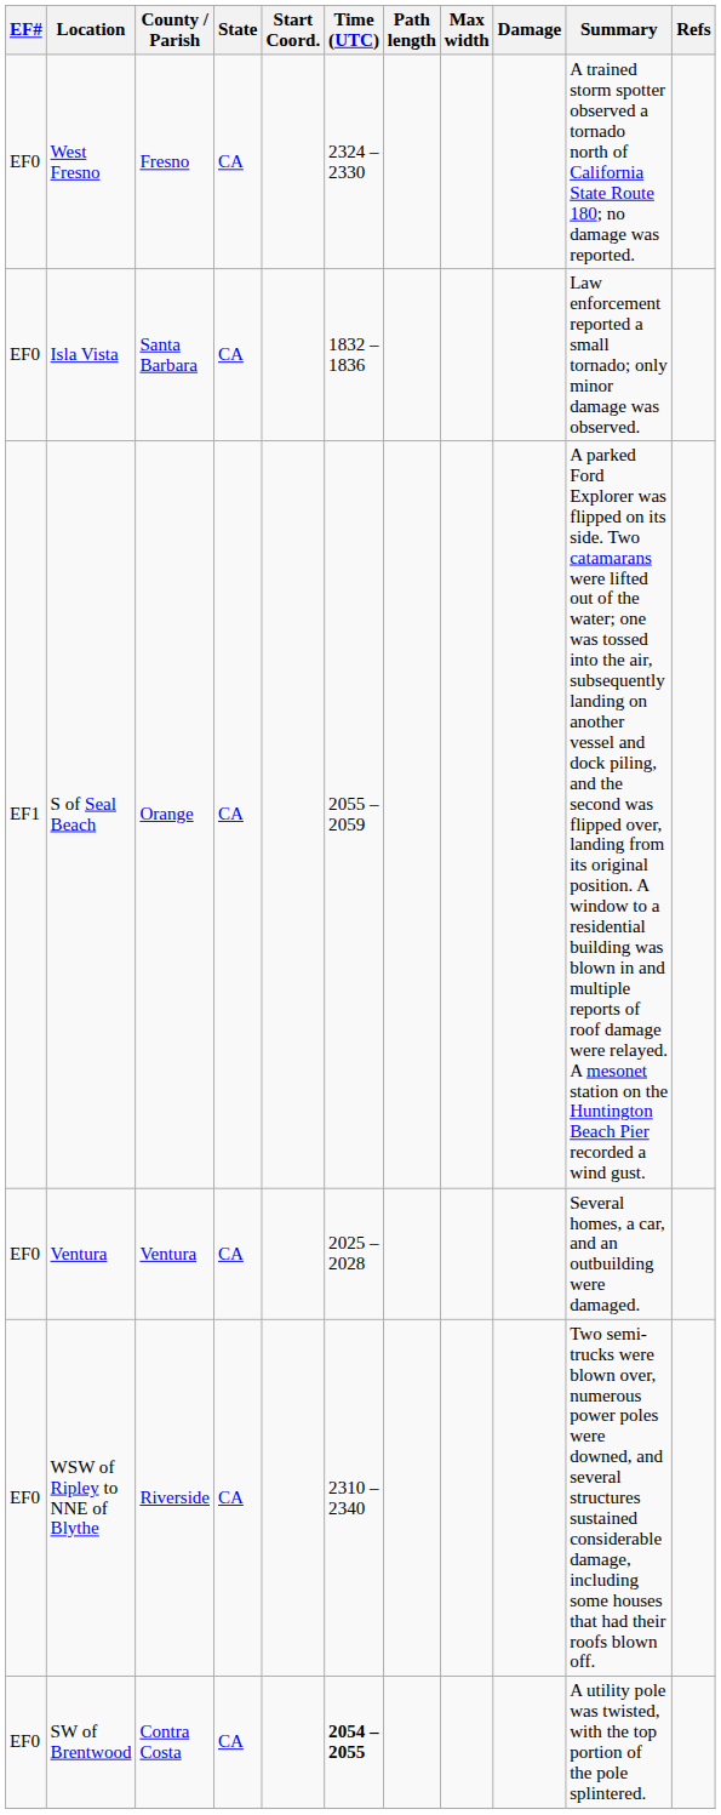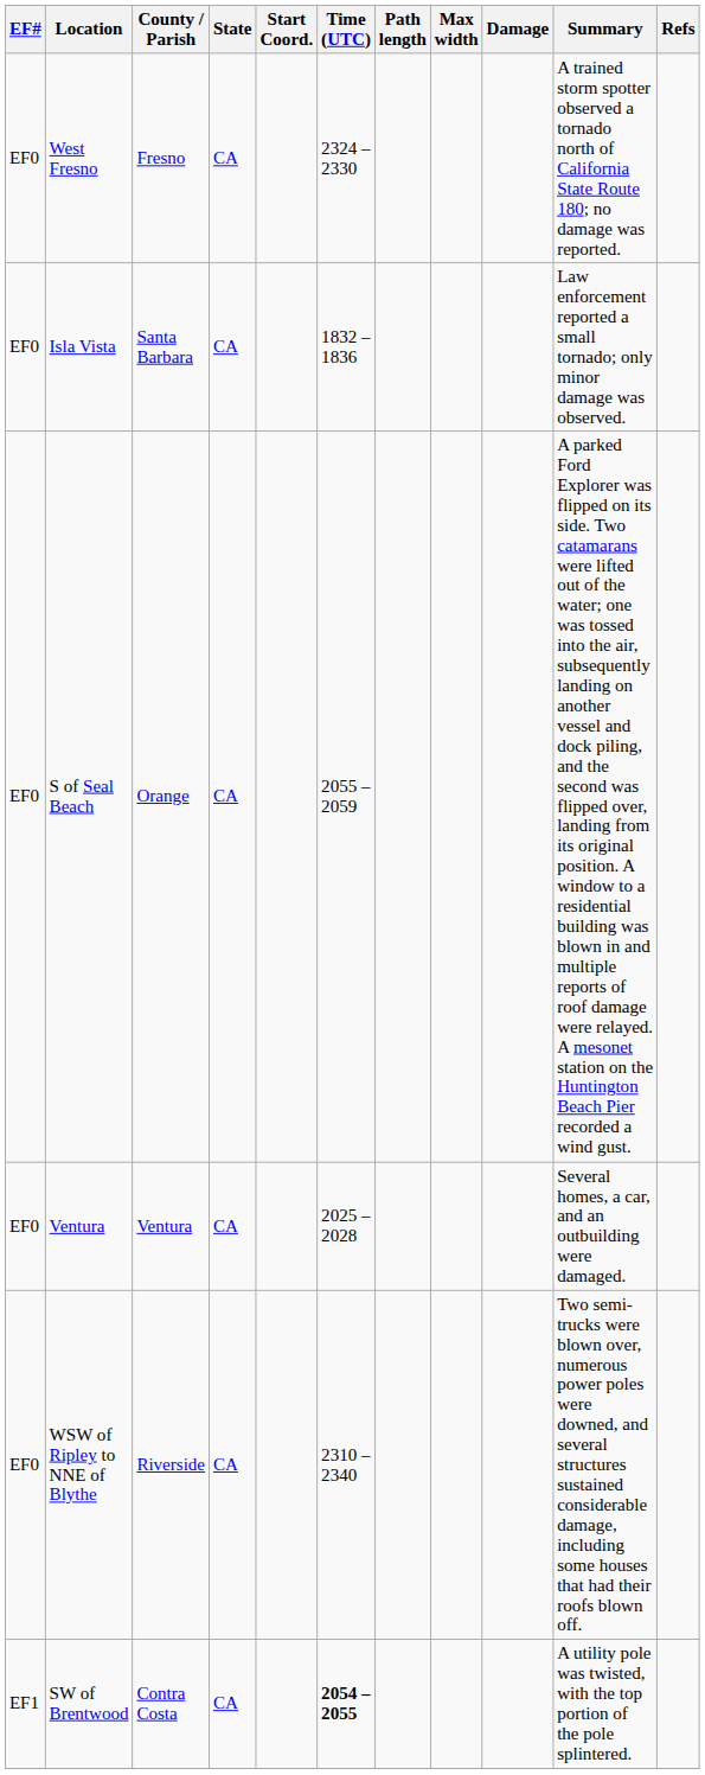 <table class="wikitable sortable" style="width:100%;">
 <tr>
 <th scope="col" width="3%" align="center"><a href='#'>EF#</a></th>
 <th scope="col" width="7%" align="center" class="unsortable">Location</th>
 <th scope="col" width="6%" align="center" class="unsortable">County / Parish</th>
 <th scope="col" width="5%" align="center">State</th>
 <th scope="col" width="6%" align="center">Start Coord.</th>
 <th scope="col" width="6%" align="center">Time (<a href='#'>UTC</a>)</th>
 <th scope="col" width="6%" align="center">Path length</th>
 <th scope="col" width="6%" align="center">Max width</th>
 <th scope="col" width="6%" align="center">Damage</th>
 <th scope="col" width="48%" class="unsortable" align="center">Summary</th>
 <th scope="col" width="48%" class="unsortable" align="center">Refs</th>
 </tr>
 <tr>
 <td>EF0</td>
 <td><a href='#'>West Fresno</a></td>
 <td><a href='#'>Fresno</a></td>
 <td><a href='#'>CA</a></td>
 <td></td>
 <td>2324 – 2330</td>
 <td></td>
 <td></td>
 <td></td>
 <td>A trained storm spotter observed a tornado north of <a href='#'>California State Route 180</a>; no damage was reported.</td>
 <td></td>
 </tr>
 <tr>
 <td>EF0</td>
 <td><a href='#'>Isla Vista</a></td>
 <td><a href='#'>Santa Barbara</a></td>
 <td><a href='#'>CA</a></td>
 <td></td>
 <td>1832 – 1836</td>
 <td></td>
 <td></td>
 <td></td>
 <td>Law enforcement reported a small tornado; only minor damage was observed.</td>
 <td></td>
 </tr>
 <tr>
-<td>EF1</td>
+<td>EF0</td>
 <td>S of <a href='#'>Seal Beach</a></td>
 <td><a href='#'>Orange</a></td>
 <td><a href='#'>CA</a></td>
 <td></td>
 <td>2055 – 2059</td>
 <td></td>
 <td></td>
 <td></td>
 <td>A parked Ford Explorer was flipped on its side. Two <a href='#'>catamarans</a> were lifted out of the water; one was tossed  into the air, subsequently landing on another vessel and dock piling, and the second was flipped over, landing  from its original position. A window to a residential building was blown in and multiple reports of roof damage were relayed. A <a href='#'>mesonet</a> station on the <a href='#'>Huntington Beach Pier</a> recorded a  wind gust.</td>
 <td></td>
 </tr>
 <tr>
 <td>EF0</td>
 <td><a href='#'>Ventura</a></td>
 <td><a href='#'>Ventura</a></td>
 <td><a href='#'>CA</a></td>
 <td></td>
 <td>2025 – 2028</td>
 <td></td>
 <td></td>
 <td></td>
 <td>Several homes, a car, and an outbuilding were damaged.</td>
 <td></td>
 </tr>
 <tr>
 <td>EF0</td>
 <td>WSW of <a href='#'>Ripley</a> to NNE of <a href='#'>Blythe</a></td>
 <td><a href='#'>Riverside</a></td>
 <td><a href='#'>CA</a></td>
 <td></td>
 <td>2310 – 2340</td>
 <td></td>
 <td></td>
 <td></td>
 <td>Two semi-trucks were blown over, numerous power poles were downed, and several structures sustained considerable damage, including some houses that had their roofs blown off.</td>
 <td></td>
 </tr>
 <tr>
-<td>EF0</td>
+<td>EF1</td>
 <td>SW of <a href='#'>Brentwood</a></td>
 <td><a href='#'>Contra Costa</a></td>
 <td><a href='#'>CA</a></td>
 <td></td>
 <td><strong>2054 – 2055</strong></td>
 <td></td>
 <td></td>
 <td></td>
 <td>A utility pole was twisted, with the top portion of the pole splintered.</td>
 <td></td>
 </tr>
 <tr>
 </tr>
 </table>
